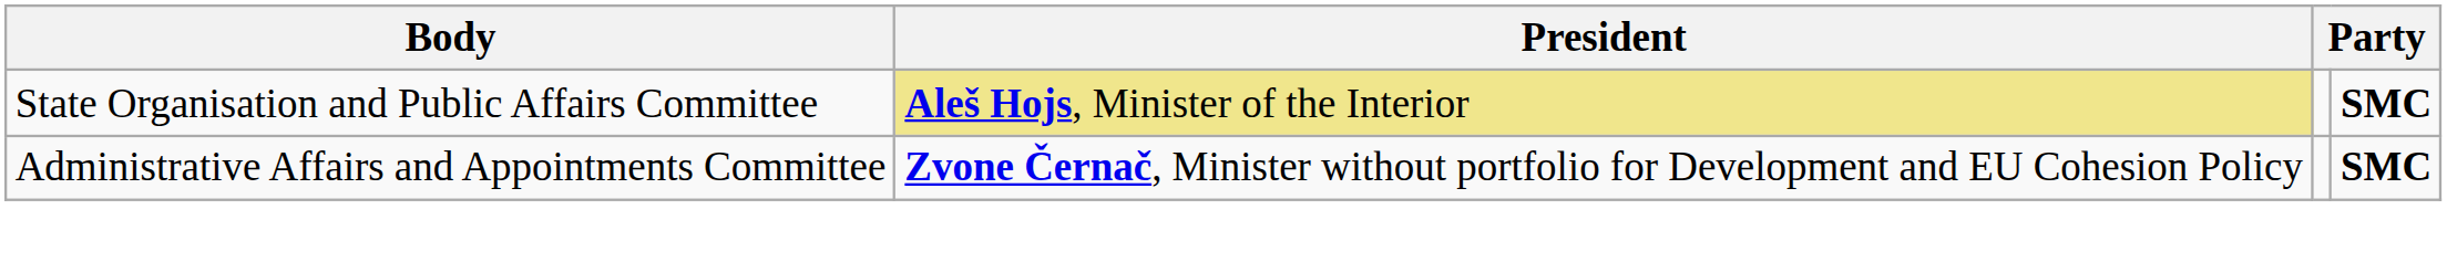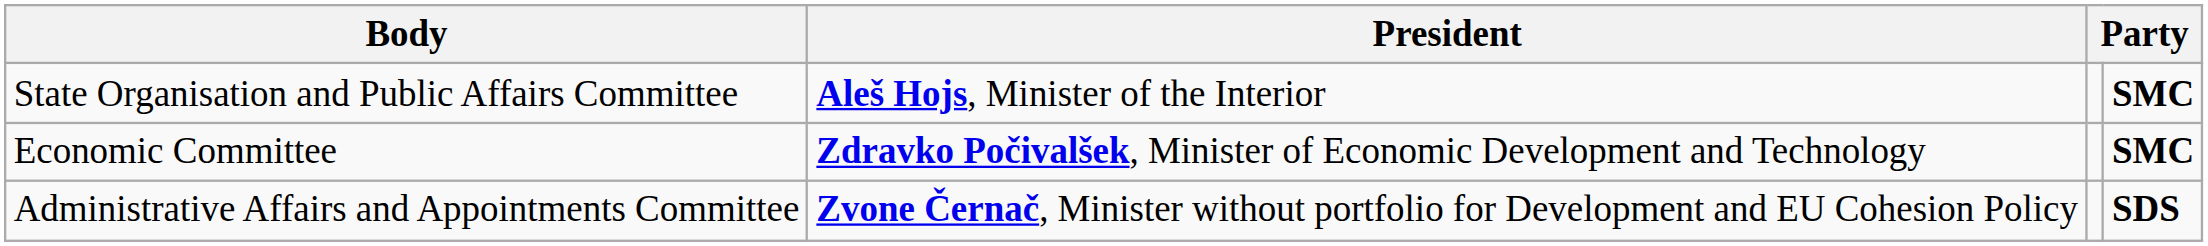 <table class="wikitable">
 <tr>
 <th>Body</th>
 <th>President</th>
 <th colspan="2">Party</th>
 </tr>
 <tr>
 <td>State Organisation and Public Affairs Committee</td>
-<td style="background: khaki;"><strong><a href='#'>Aleš Hojs</a></strong>, Minister of the Interior</td>
+<td><strong><a href='#'>Aleš Hojs</a></strong>, Minister of the Interior</td>
+<td style="background:"></td>
+<td><strong>SMC</strong></td>
+</tr>
+<tr>
+<td>Economic Committee</td>
+<td><strong><a href='#'>Zdravko Počivalšek</a></strong>, Minister of Economic Development and Technology</td>
 <td style="background:"></td>
 <td><strong>SMC</strong></td>
 </tr>
 <tr>
 <td>Administrative Affairs and Appointments Committee</td>
 <td><strong><a href='#'>Zvone Černač</a></strong>, Minister without portfolio for Development and EU Cohesion Policy</td>
 <td style="background:"></td>
-<td><strong>SMC</strong></td>
+<td><strong>SDS</strong></td>
 </tr>
 </table>
